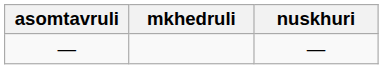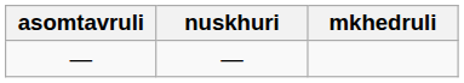 <table class="wikitable" style="width:100">
 <tr>
 <th width="100">asomtavruli</th>
+<th width="100">nuskhuri</th>
 <th width="100">mkhedruli</th>
-<th width="100">nuskhuri</th>
 </tr>
 <tr>
 <td align="center">—</td>
+<td align="center">—</td>
 <td align="center"></td>
-<td align="center">—</td>
 </tr>
 </table>
